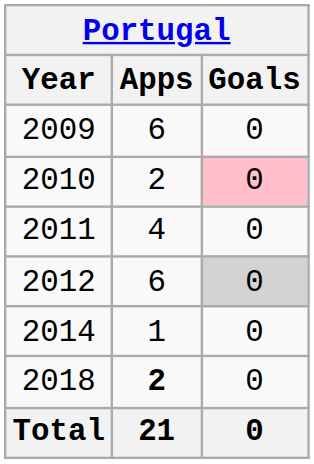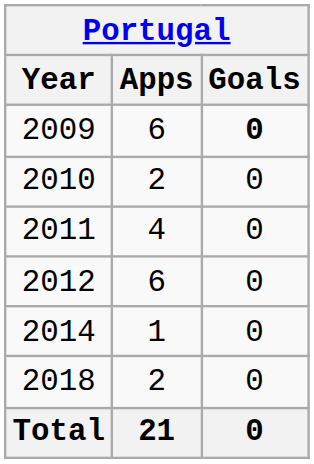 <table class="wikitable" style="text-align:center">
 <tr>
 <th colspan=3><a href='#'>Portugal</a></th>
 </tr>
 <tr>
 <th>Year</th>
 <th>Apps</th>
 <th>Goals</th>
 </tr>
 <tr>
 <td>2009</td>
 <td>6</td>
-<td>0</td>
+<td><strong>0</strong></td>
 </tr>
 <tr>
 <td>2010</td>
 <td>2</td>
-<td style="background: pink;">0</td>
+<td>0</td>
 </tr>
 <tr>
 <td>2011</td>
 <td>4</td>
 <td>0</td>
 </tr>
 <tr>
 <td>2012</td>
 <td>6</td>
-<td style="background: lightgrey;">0</td>
+<td>0</td>
 </tr>
 <tr>
 <td>2014</td>
 <td>1</td>
 <td>0</td>
 </tr>
 <tr>
 <td>2018</td>
-<td><strong>2</strong></td>
+<td>2</td>
 <td>0</td>
 </tr>
 <tr>
 <th>Total</th>
 <th>21</th>
 <th>0</th>
 </tr>
 </table>
